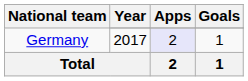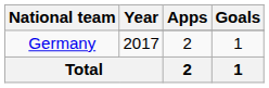 <table class="wikitable" style="text-align:center">
 <tr>
 <th>National team</th>
 <th>Year</th>
 <th>Apps</th>
 <th>Goals</th>
 </tr>
 <tr>
 <td rowspan="2"><a href='#'>Germany</a></td>
 </tr>
 <tr>
 <td>2017</td>
-<td style="background: lavender;">2</td>
+<td>2</td>
 <td>1</td>
 </tr>
 <tr>
 <th colspan="2">Total</th>
 <th>2</th>
 <th>1</th>
 </tr>
 </table>
